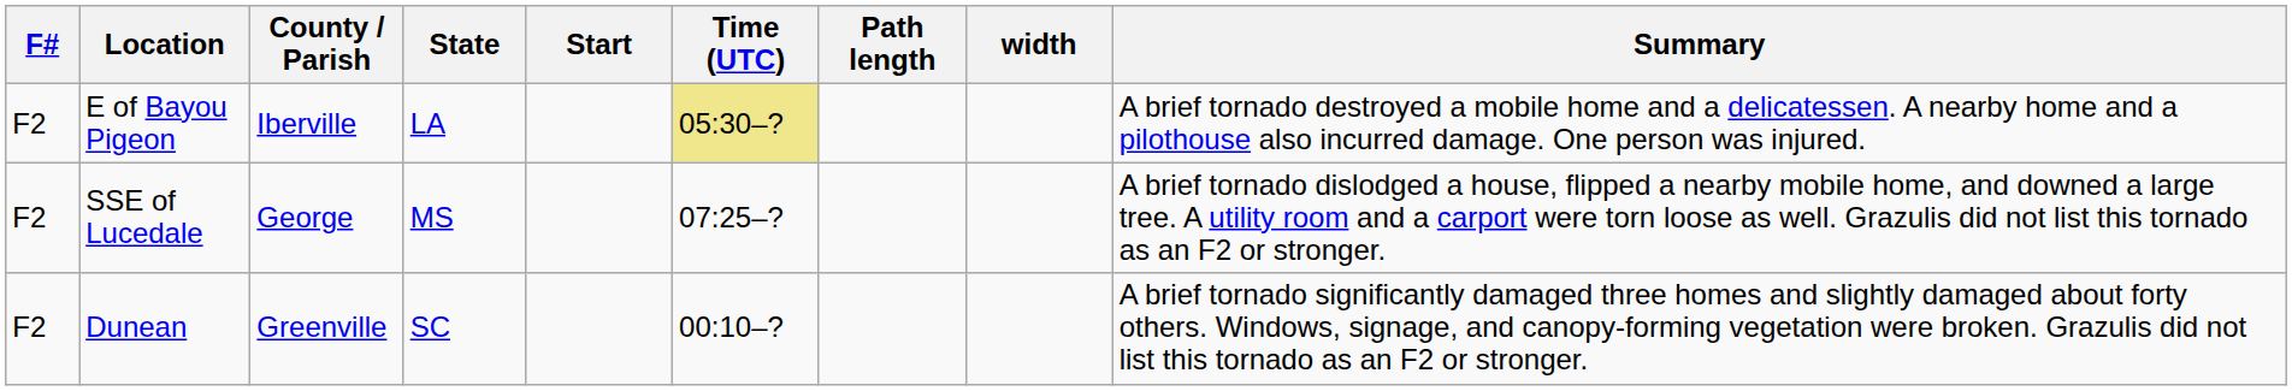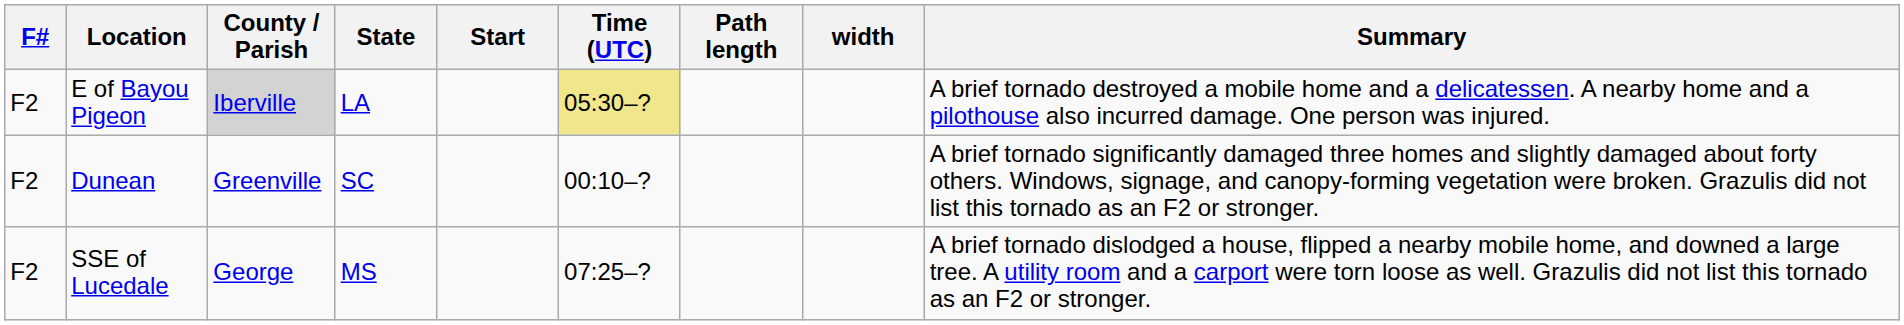 <table class="wikitable sortable" style="width:100%;">
 <tr>
 <th scope="col"  style="width:3%; text-align:center;"><a href='#'>F#</a></th>
 <th scope="col"  style="width:7%; text-align:center;" class="unsortable">Location</th>
 <th scope="col"  style="width:6%; text-align:center;" class="unsortable">County / Parish</th>
 <th scope="col"  style="width:5%; text-align:center;">State</th>
 <th scope="col"  style="width:6%; text-align:center;">Start </th>
 <th scope="col"  style="width:6%; text-align:center;">Time (<a href='#'>UTC</a>)</th>
 <th scope="col"  style="width:6%; text-align:center;">Path length</th>
 <th scope="col"  style="width:6%; text-align:center;"> width</th>
 <th scope="col" class="unsortable" style="width:48%; text-align:center;">Summary</th>
 </tr>
 <tr>
 <td>F2</td>
 <td>E of <a href='#'>Bayou Pigeon</a></td>
-<td><a href='#'>Iberville</a></td>
+<td style="background: lightgrey;"><a href='#'>Iberville</a></td>
 <td><a href='#'>LA</a></td>
 <td></td>
 <td style="background: khaki;">05:30–?</td>
 <td></td>
 <td></td>
 <td>A brief tornado destroyed a mobile home and a <a href='#'>delicatessen</a>. A nearby home and a <a href='#'>pilothouse</a> also incurred damage. One person was injured.</td>
+</tr>
+<tr>
+<td>F2</td>
+<td><a href='#'>Dunean</a></td>
+<td><a href='#'>Greenville</a></td>
+<td><a href='#'>SC</a></td>
+<td></td>
+<td>00:10–?</td>
+<td></td>
+<td></td>
+<td>A brief tornado significantly damaged three homes and slightly damaged about forty others. Windows, signage, and canopy-forming vegetation were broken. Grazulis did not list this tornado as an F2 or stronger.</td>
 </tr>
 <tr>
 <td>F2</td>
 <td>SSE of <a href='#'>Lucedale</a></td>
 <td><a href='#'>George</a></td>
 <td><a href='#'>MS</a></td>
 <td></td>
 <td>07:25–?</td>
 <td></td>
 <td></td>
 <td>A brief tornado dislodged a house, flipped a nearby mobile home, and downed a large tree. A <a href='#'>utility room</a> and a <a href='#'>carport</a> were torn loose as well. Grazulis did not list this tornado as an F2 or stronger.</td>
 </tr>
-<tr>
-<td>F2</td>
-<td><a href='#'>Dunean</a></td>
-<td><a href='#'>Greenville</a></td>
-<td><a href='#'>SC</a></td>
-<td></td>
-<td>00:10–?</td>
-<td></td>
-<td></td>
-<td>A brief tornado significantly damaged three homes and slightly damaged about forty others. Windows, signage, and canopy-forming vegetation were broken. Grazulis did not list this tornado as an F2 or stronger.</td>
-</tr>
 </table>
